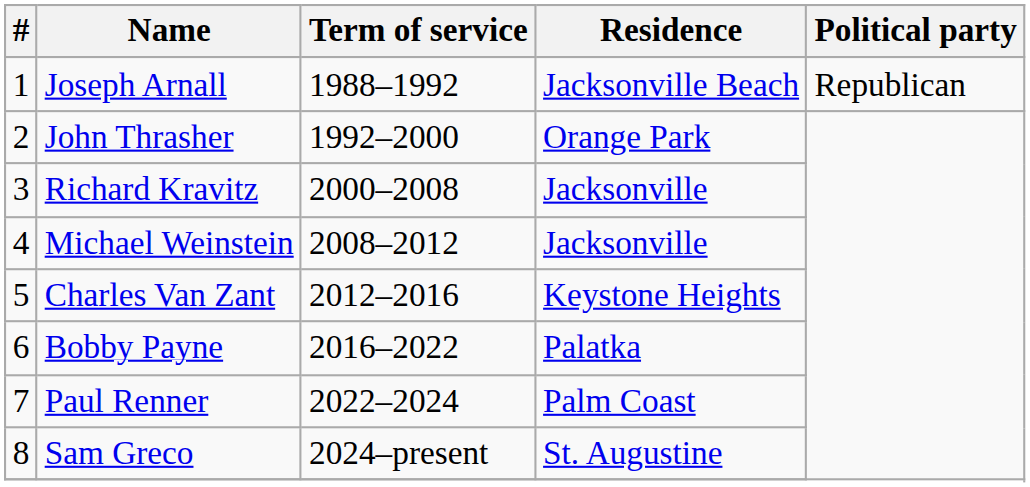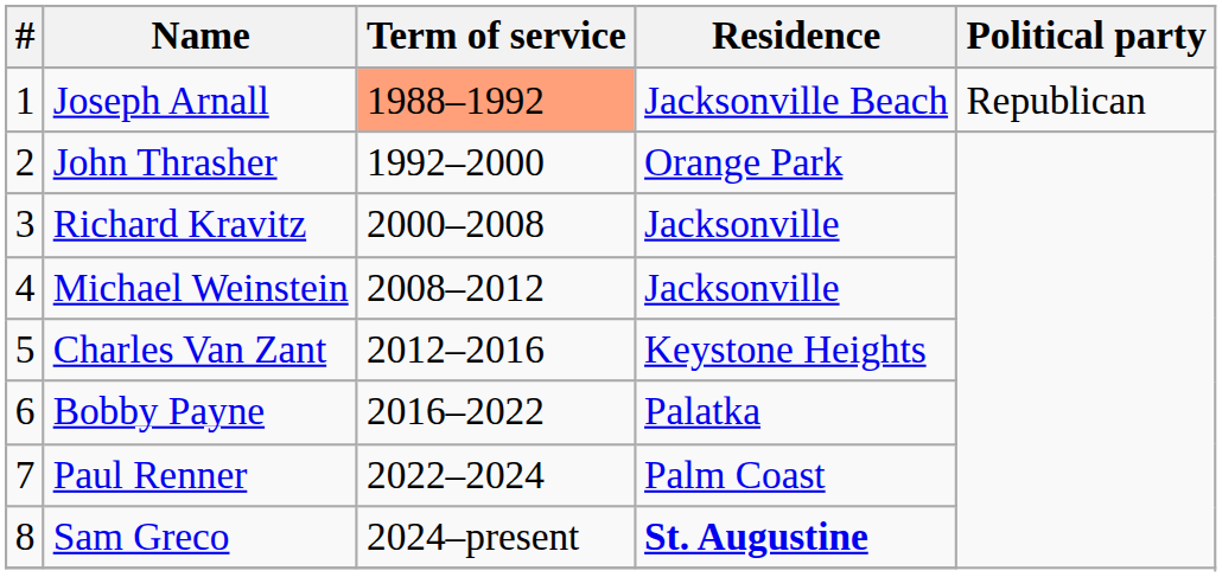 <table class="wikitable sortable">
 <tr>
 <th>#</th>
 <th>Name</th>
 <th>Term of service</th>
 <th>Residence</th>
 <th>Political party</th>
 </tr>
 <tr>
 <td>1</td>
 <td><a href='#'>Joseph Arnall</a></td>
-<td>1988–1992</td>
+<td style="background: lightsalmon;">1988–1992</td>
 <td><a href='#'>Jacksonville Beach</a></td>
 <td>Republican</td>
 </tr>
 <tr>
 <td>2</td>
 <td><a href='#'>John Thrasher</a></td>
 <td>1992–2000</td>
 <td><a href='#'>Orange Park</a></td>
 </tr>
 <tr>
 <td>3</td>
 <td><a href='#'>Richard Kravitz</a></td>
 <td>2000–2008</td>
 <td><a href='#'>Jacksonville</a></td>
 </tr>
 <tr>
 <td>4</td>
 <td><a href='#'>Michael Weinstein</a></td>
 <td>2008–2012</td>
 <td><a href='#'>Jacksonville</a></td>
 </tr>
 <tr>
 <td>5</td>
 <td><a href='#'>Charles Van Zant</a></td>
 <td>2012–2016</td>
 <td><a href='#'>Keystone Heights</a></td>
 </tr>
 <tr>
 <td>6</td>
 <td><a href='#'>Bobby Payne</a></td>
 <td>2016–2022</td>
 <td><a href='#'>Palatka</a></td>
 </tr>
 <tr>
 <td>7</td>
 <td><a href='#'>Paul Renner</a></td>
 <td>2022–2024</td>
 <td><a href='#'>Palm Coast</a></td>
 </tr>
 <tr>
 <td>8</td>
 <td><a href='#'>Sam Greco</a></td>
 <td>2024–present</td>
-<td><a href='#'>St. Augustine</a></td>
+<td><strong><a href='#'>St. Augustine</a></strong></td>
 </tr>
 <tr>
 </tr>
 </table>
